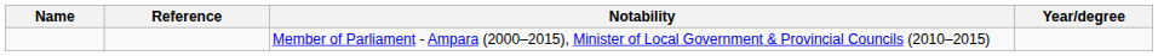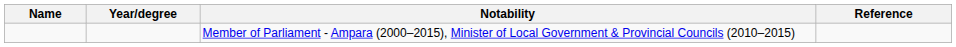 <table class="wikitable sortable" style="width:100%">
 <tr>
 <th style="width:*;">Name</th>
+<th style="width:12%;">Year/degree</th>
+<th style="width:65%;" class="unsortable">Notability</th>
 <th style="width:*;" class="unsortable">Reference</th>
-<th style="width:65%;" class="unsortable">Notability</th>
-<th style="width:12%;">Year/degree</th>
 </tr>
 <tr>
 <td></td>
 <td style="text-align:center;"></td>
 <td><a href='#'>Member of Parliament</a> - <a href='#'>Ampara</a> (2000–2015), <a href='#'>Minister of Local Government & Provincial Councils</a> (2010–2015)</td>
 <td style="text-align:center;"></td>
 </tr>
 </table>
